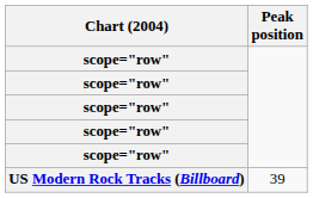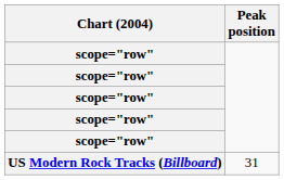 <table class="wikitable sortable plainrowheaders" style="text-align:center;">
 <tr>
 <th scope="col">Chart (2004)</th>
 <th scope="col">Peak<br>position</th>
 </tr>
 <tr>
 <th>scope="row"</th>
 </tr>
 <tr>
 <th>scope="row"</th>
 </tr>
 <tr>
 <th>scope="row"</th>
 </tr>
 <tr>
 <th>scope="row"</th>
 </tr>
 <tr>
 <th>scope="row"</th>
 </tr>
 <tr>
 <th scope="row">US <a href='#'>Modern Rock Tracks</a> (<em><a href='#'>Billboard</a></em>)</th>
-<td align="center">39</td>
+<td align="center">31</td>
 </tr>
 </table>
